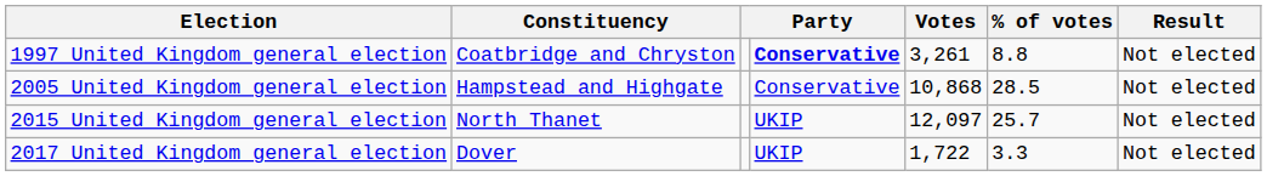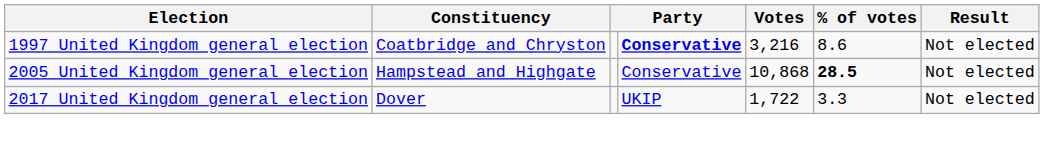 <table class="wikitable">
 <tr>
 <th>Election</th>
 <th>Constituency</th>
 <th colspan="2">Party</th>
 <th>Votes</th>
 <th>% of votes</th>
 <th>Result</th>
 </tr>
 <tr>
 <td><a href='#'>1997 United Kingdom general election</a></td>
 <td><a href='#'>Coatbridge and Chryston</a></td>
 <td style="background-color:"></td>
 <td><strong><a href='#'>Conservative</a></strong></td>
-<td>3,261</td>
-<td>8.8</td>
+<td>3,216</td>
+<td>8.6</td>
 <td>Not elected</td>
 </tr>
 <tr>
 <td><a href='#'>2005 United Kingdom general election</a></td>
 <td><a href='#'>Hampstead and Highgate</a></td>
 <td style="background-color:"></td>
 <td><a href='#'>Conservative</a></td>
 <td>10,868</td>
-<td>28.5</td>
-<td>Not elected</td>
-</tr>
-<tr>
-<td><a href='#'>2015 United Kingdom general election</a></td>
-<td><a href='#'>North Thanet</a></td>
-<td style="background-color: "></td>
-<td><a href='#'>UKIP</a></td>
-<td>12,097</td>
-<td>25.7</td>
+<td><strong>28.5</strong></td>
 <td>Not elected</td>
 </tr>
 <tr>
 <td><a href='#'>2017 United Kingdom general election</a></td>
 <td><a href='#'>Dover</a></td>
 <td style="background-color: "></td>
 <td><a href='#'>UKIP</a></td>
 <td>1,722</td>
 <td>3.3</td>
 <td>Not elected</td>
 </tr>
 </table>
